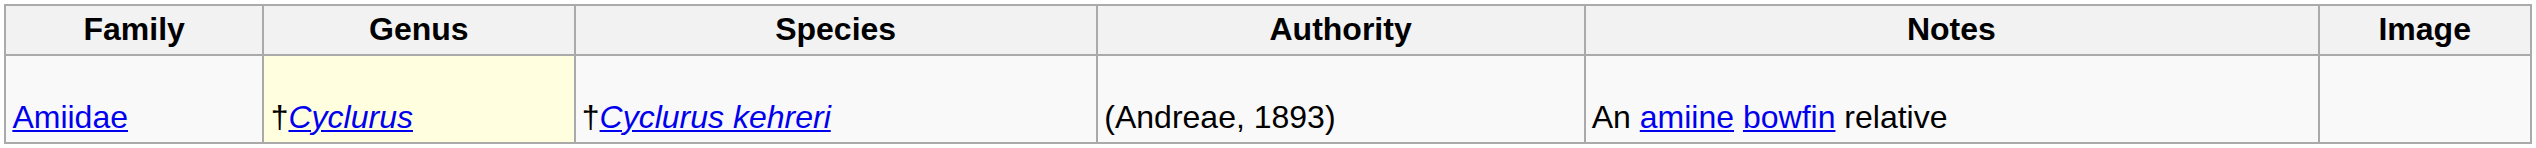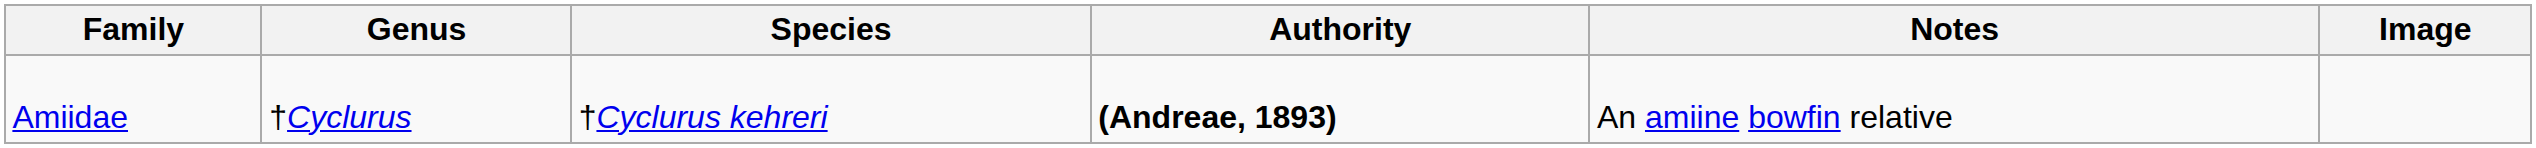 <table class="wikitable" align="center" width="100%">
 <tr>
 <th>Family</th>
 <th>Genus</th>
 <th>Species</th>
 <th>Authority</th>
 <th>Notes</th>
 <th>Image</th>
 </tr>
 <tr>
 <td><br><a href='#'>Amiidae</a></td>
-<td style="background: lightyellow;"><br>†<em><a href='#'>Cyclurus</a></em></td>
+<td><br>†<em><a href='#'>Cyclurus</a></em></td>
 <td><br>†<em><a href='#'>Cyclurus kehreri</a></em></td>
-<td><br>(Andreae, 1893)</td>
+<td><strong><br>(Andreae, 1893)</strong></td>
 <td><br>An <a href='#'>amiine</a> <a href='#'>bowfin</a> relative</td>
 <td><br></td>
 </tr>
 <tr>
 </tr>
 </table>
